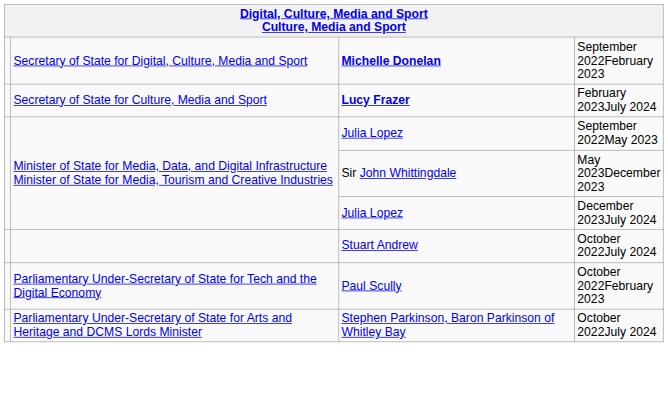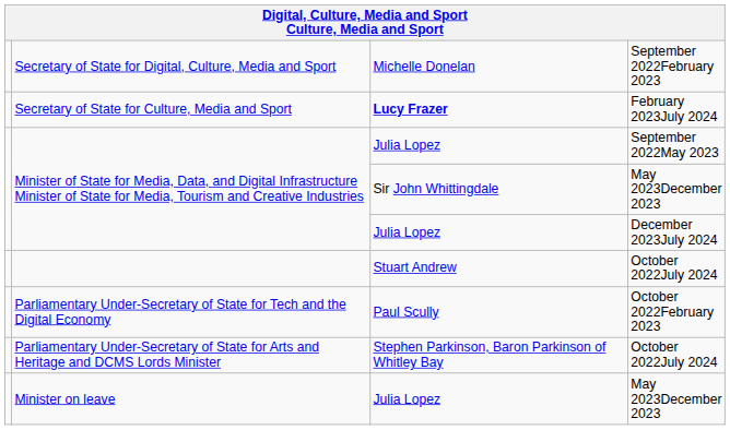 <table class="wikitable">
 <tr>
 <th colspan="4"><a href='#'>Digital, Culture, Media and Sport</a>  <br><a href='#'>Culture, Media and Sport</a> </th>
 </tr>
 <tr>
 <td rowspan=1 style="width: 1px; background: "></td>
 <td rowspan=1 style="width: 450px;"><a href='#'>Secretary of State for Digital, Culture, Media and Sport</a></td>
-<td style="width: 320px;"><strong><a href='#'>Michelle Donelan</a></strong></td>
+<td style="width: 320px;"><a href='#'>Michelle Donelan</a></td>
 <td>September 2022February 2023</td>
 </tr>
 <tr>
 <td rowspan=1 style="width: 1px; background: "></td>
 <td rowspan=1 style="width: 450px;"><a href='#'>Secretary of State for Culture, Media and Sport</a></td>
 <td style="width: 320px;"><strong><a href='#'>Lucy Frazer</a></strong></td>
 <td>February 2023July 2024</td>
 </tr>
 <tr>
 <td rowspan="3" style="width: 1px; background: "></td>
 <td rowspan="3"><a href='#'>Minister of State for Media, Data, and Digital Infrastructure</a>  <br> <a href='#'>Minister of State for Media, Tourism and Creative Industries</a> </td>
 <td><a href='#'>Julia Lopez</a></td>
 <td>September 2022May 2023</td>
 </tr>
 <tr>
 <td>Sir <a href='#'>John Whittingdale</a> </td>
 <td>May 2023December 2023</td>
 </tr>
 <tr>
 <td><a href='#'>Julia Lopez</a></td>
 <td>December 2023July 2024</td>
 </tr>
 <tr>
 <td rowspan="1" style="width: 1px; background: "></td>
 <td rowspan="1"></td>
 <td><a href='#'>Stuart Andrew</a></td>
 <td>October 2022July 2024</td>
 </tr>
 <tr>
 <td rowspan="1" style="width: 1px; background: "></td>
 <td rowspan="1"><a href='#'>Parliamentary Under-Secretary of State for Tech and the Digital Economy</a><br></td>
 <td><a href='#'>Paul Scully</a></td>
 <td>October 2022February 2023</td>
 </tr>
 <tr>
 <td rowspan="1" style="width: 1px; background: "></td>
 <td rowspan="1"><a href='#'>Parliamentary Under-Secretary of State for Arts and Heritage and DCMS Lords Minister</a></td>
 <td><a href='#'>Stephen Parkinson, Baron Parkinson of Whitley Bay</a></td>
 <td>October 2022July 2024</td>
 </tr>
+<tr>
+<td rowspan="1" style="width: 1px; background: "></td>
+<td><a href='#'>Minister on leave</a></td>
+<td><a href='#'>Julia Lopez</a></td>
+<td>May 2023December 2023</td>
+</tr>
 </table>
